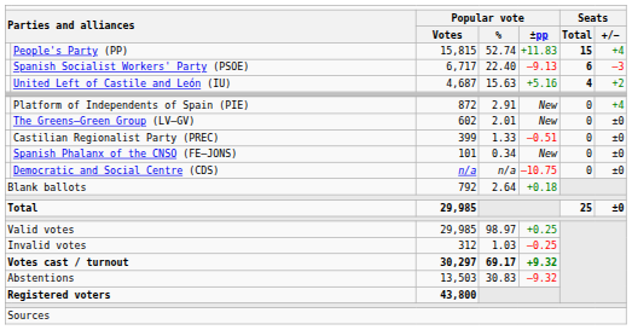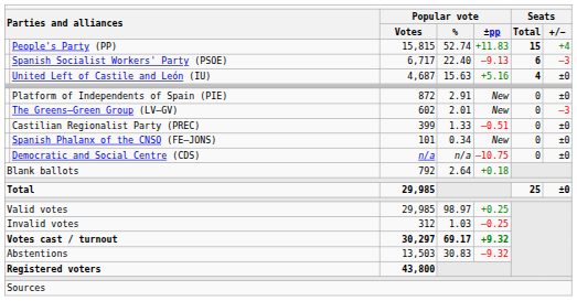 <table class="wikitable" style="text-align:right;">
 <tr>
 <td colspan="7"></td>
 </tr>
 <tr>
 <th style="text-align:left;" rowspan="2" colspan="2" width="525">Parties and alliances</th>
 <th colspan="3">Popular vote</th>
 <th colspan="2">Seats</th>
 </tr>
 <tr>
 <th width="75">Votes</th>
 <th width="45">%</th>
 <th width="45">±<a href='#'>pp</a></th>
 <th width="35">Total</th>
 <th width="35">+/−</th>
 </tr>
 <tr>
 <td width="1" style="color:inherit;background:"></td>
 <td align="left"><a href='#'>People's Party</a> (PP)</td>
 <td>15,815</td>
 <td>52.74</td>
 <td style="color:green;">+11.83</td>
 <td><strong>15</strong></td>
 <td style="color:green;">+4</td>
 </tr>
 <tr>
 <td style="color:inherit;background:"></td>
 <td align="left"><a href='#'>Spanish Socialist Workers' Party</a> (PSOE)</td>
 <td>6,717</td>
 <td>22.40</td>
 <td style="color:red;">–9.13</td>
 <td><strong>6</strong></td>
 <td style="color:red;">–3</td>
 </tr>
 <tr>
 <td style="color:inherit;background:"></td>
 <td align="left"><a href='#'>United Left of Castile and León</a> (IU)</td>
 <td>4,687</td>
 <td>15.63</td>
 <td style="color:green;">+5.16</td>
 <td><strong>4</strong></td>
-<td style="color:green;">+2</td>
+<td>±0</td>
 </tr>
 <tr>
 <td colspan="7" bgcolor="#C0C0C0"></td>
 </tr>
 <tr>
 <td style="color:inherit;background:"></td>
 <td align="left">Platform of Independents of Spain (PIE)</td>
 <td>872</td>
 <td>2.91</td>
 <td><em>New</em></td>
 <td>0</td>
-<td style="color:green;">+4</td>
+<td>±0</td>
 </tr>
 <tr>
 <td style="color:inherit;background:"></td>
 <td align="left"><a href='#'>The Greens–Green Group</a> (LV–GV)</td>
 <td>602</td>
 <td>2.01</td>
 <td><em>New</em></td>
 <td>0</td>
-<td>±0</td>
+<td style="color:red;">–3</td>
 </tr>
 <tr>
 <td style="color:inherit;background:"></td>
 <td align="left">Castilian Regionalist Party (PREC)</td>
 <td>399</td>
 <td>1.33</td>
 <td style="color:red;">–0.51</td>
 <td>0</td>
 <td>±0</td>
 </tr>
 <tr>
 <td style="color:inherit;background:"></td>
 <td align="left"><a href='#'>Spanish Phalanx of the CNSO</a> (FE–JONS)</td>
 <td>101</td>
 <td>0.34</td>
 <td><em>New</em></td>
 <td>0</td>
 <td>±0</td>
 </tr>
 <tr>
 <td style="color:inherit;background:"></td>
 <td align="left"><a href='#'>Democratic and Social Centre</a> (CDS)</td>
 <td><em><a href='#'>n/a</a></em></td>
 <td><em>n/a</em></td>
 <td style="color:red;">–10.75</td>
 <td>0</td>
 <td>±0</td>
 </tr>
 <tr>
 <td align="left" colspan="2">Blank ballots</td>
 <td>792</td>
 <td>2.64</td>
 <td style="color:green;">+0.18</td>
 <td bgcolor="#E9E9E9" colspan="2"></td>
 </tr>
 <tr>
 <td colspan="7" bgcolor="#E9E9E9"></td>
 </tr>
 <tr style="font-weight:bold;">
 <td align="left" colspan="2">Total</td>
 <td>29,985</td>
 <td bgcolor="#E9E9E9" colspan="2"></td>
 <td>25</td>
 <td>±0</td>
 </tr>
 <tr>
 <td colspan="7" bgcolor="#E9E9E9"></td>
 </tr>
 <tr>
 <td align="left" colspan="2">Valid votes</td>
 <td>29,985</td>
 <td>98.97</td>
 <td style="color:green;">+0.25</td>
 <td bgcolor="#E9E9E9" colspan="2" rowspan="5"></td>
 </tr>
 <tr>
 <td align="left" colspan="2">Invalid votes</td>
 <td>312</td>
 <td>1.03</td>
 <td style="color:red;">–0.25</td>
 </tr>
 <tr style="font-weight:bold;">
 <td align="left" colspan="2">Votes cast / turnout</td>
 <td>30,297</td>
 <td>69.17</td>
 <td style="color:green;">+9.32</td>
 </tr>
 <tr>
 <td align="left" colspan="2">Abstentions</td>
 <td>13,503</td>
 <td>30.83</td>
 <td style="color:red;">–9.32</td>
 </tr>
 <tr style="font-weight:bold;">
 <td align="left" colspan="2">Registered voters</td>
 <td>43,800</td>
 <td bgcolor="#E9E9E9" colspan="2"></td>
 </tr>
 <tr>
 <td colspan="7" bgcolor="#E9E9E9"></td>
 </tr>
 <tr>
 <td align="left" colspan="7">Sources</td>
 </tr>
 </table>
